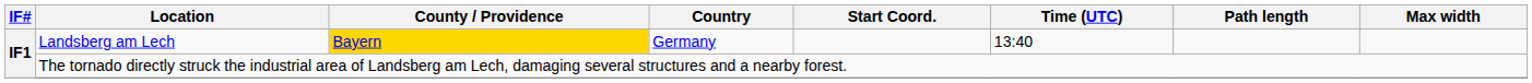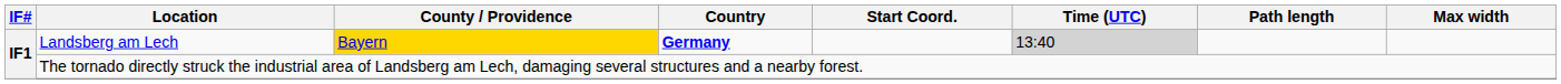 <table class="wikitable sortable" style="width:100%;">
 <tr>
 <th scope="col" width="2%" align="center"><a href='#'>IF#</a></th>
 <th scope="col" align="center" class="unsortable">Location</th>
 <th scope="col" align="center" class="unsortable">County / Providence</th>
 <th scope="col" align="center">Country</th>
 <th scope="col" align="center">Start Coord.</th>
 <th scope="col" align="center">Time (<a href='#'>UTC</a>)</th>
 <th scope="col" align="center">Path length</th>
 <th scope="col" align="center">Max width</th>
 </tr>
 <tr>
 <th scope="row" rowspan="2" style="background-color:#">IF1</th>
 <td><a href='#'>Landsberg am Lech</a></td>
 <td style="background: gold;"><a href='#'>Bayern</a></td>
-<td><a href='#'>Germany</a></td>
+<td><strong><a href='#'>Germany</a></strong></td>
 <td></td>
-<td>13:40</td>
+<td style="background: lightgrey;">13:40</td>
 <td></td>
 <td></td>
 </tr>
 <tr class="expand-child">
 <td colspan="8" style=" border-bottom: 1px solid black;">The tornado directly struck the industrial area of Landsberg am Lech, damaging several structures and a nearby forest.</td>
 </tr>
 <tr>
 </tr>
 </table>
